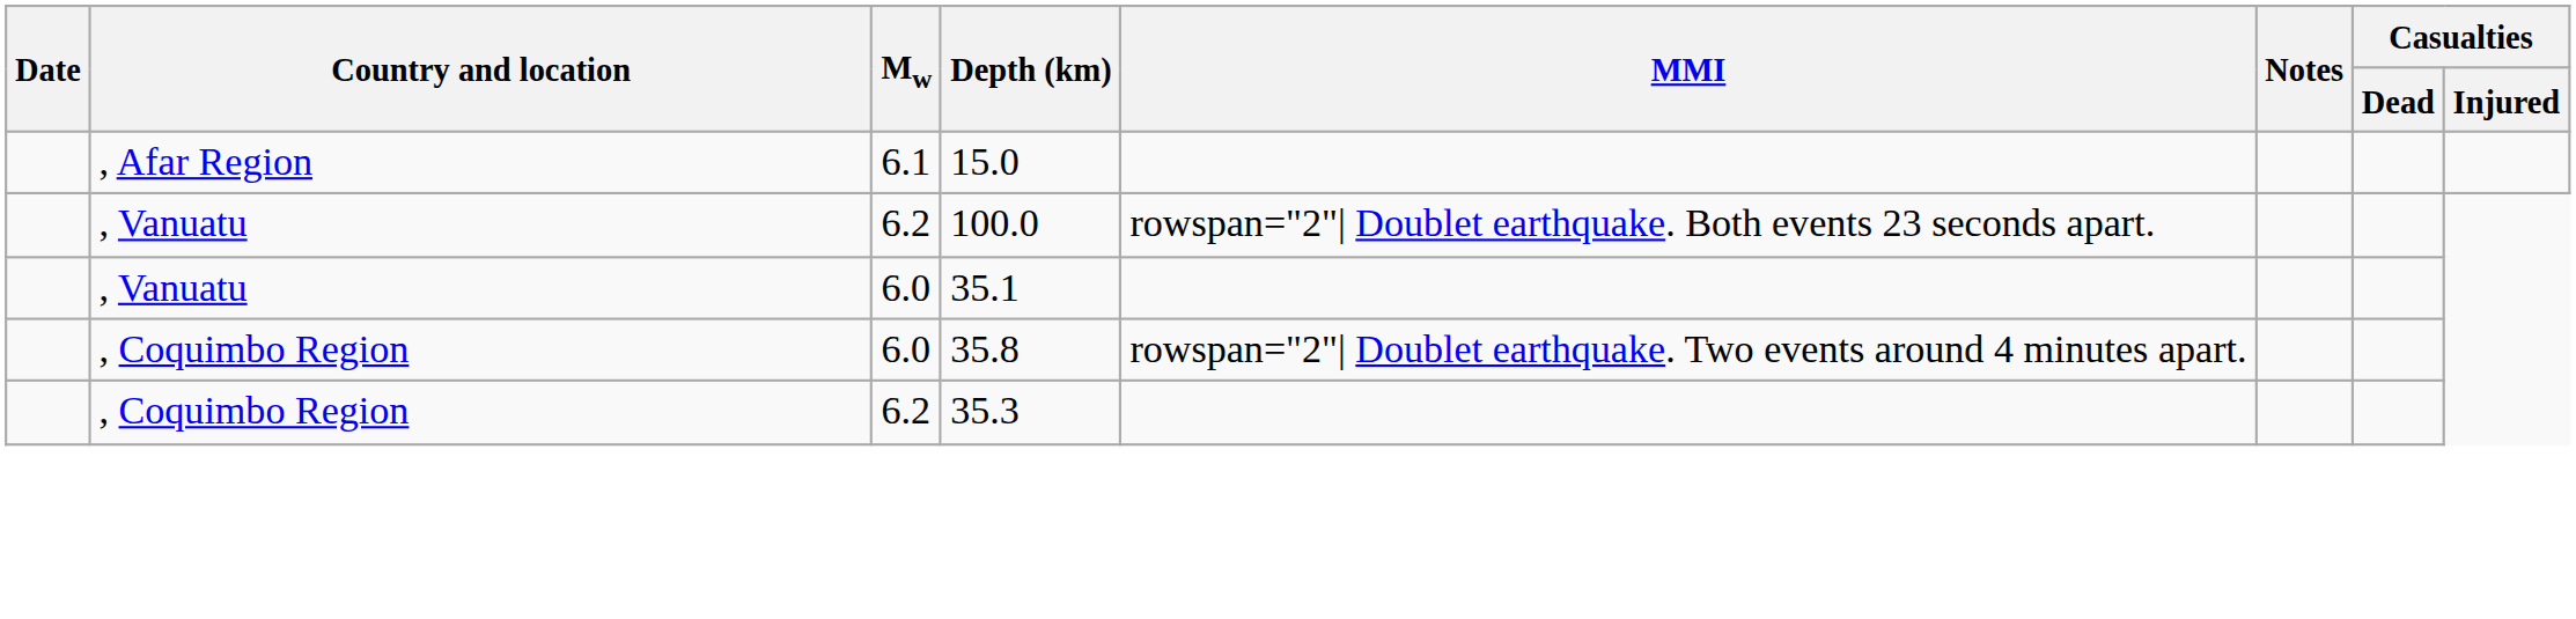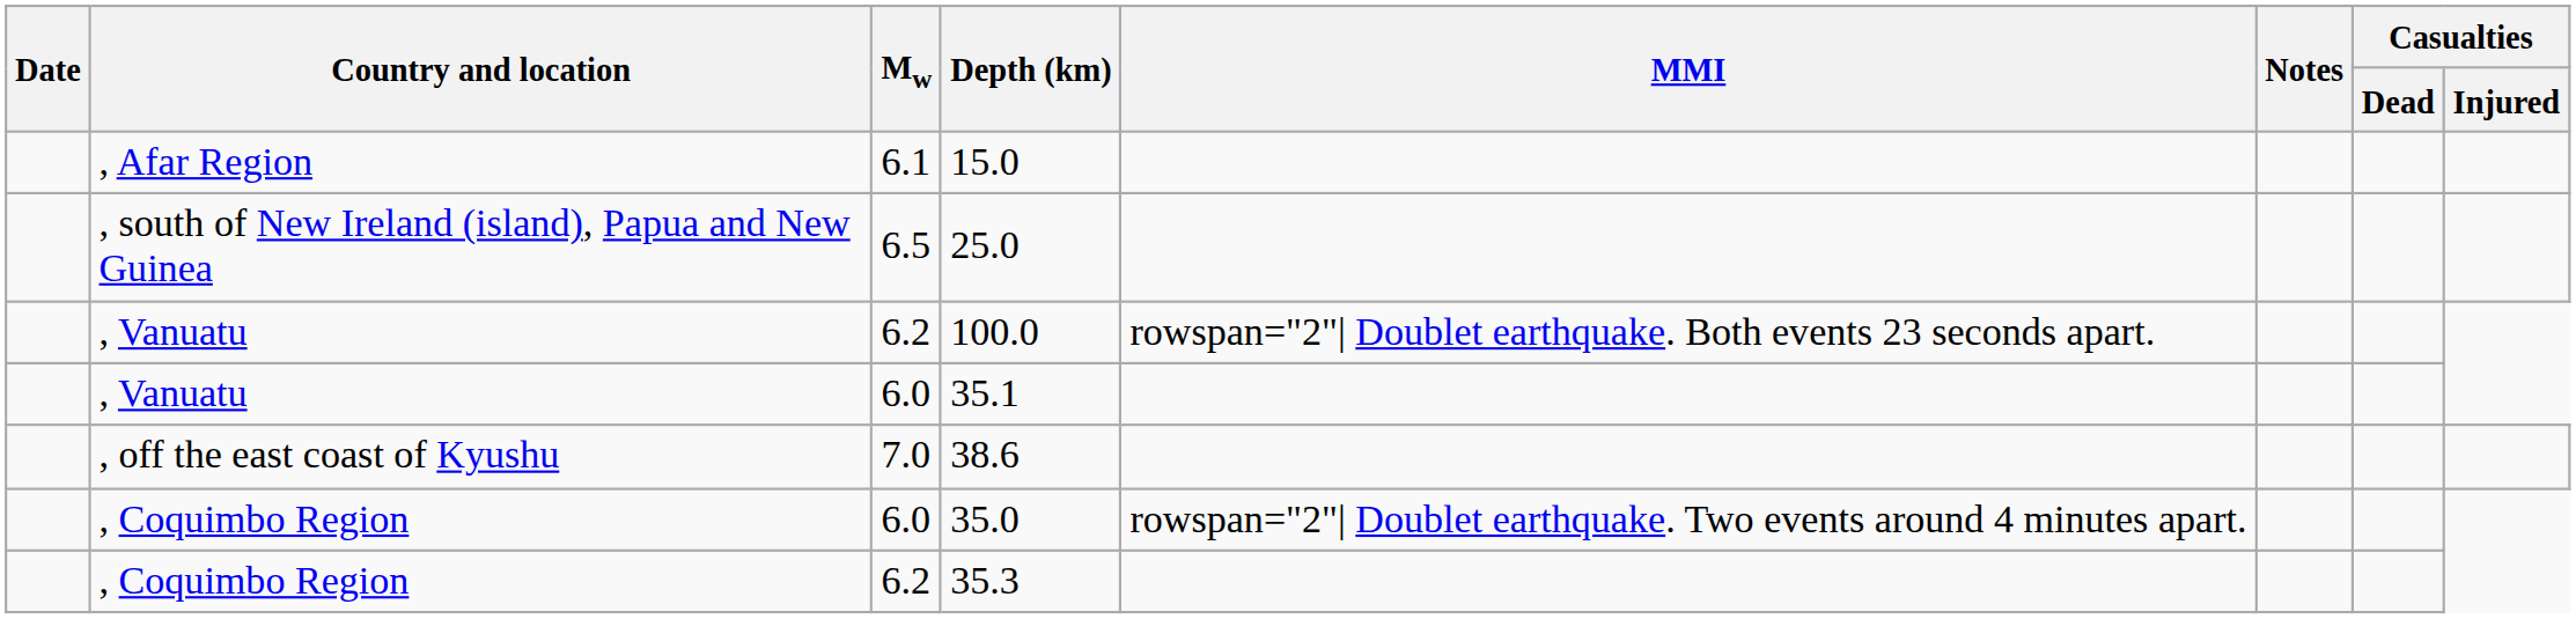 <table class="wikitable sortable sort-under" style="border:1px black; margin-left:1em;">
 <tr>
 <th rowspan="2"><small>Date</small></th>
 <th rowspan="2" style="width: 310px"><small>Country and location</small></th>
 <th rowspan="2"><small>M<sub>w</sub></small></th>
 <th rowspan="2"><small>Depth (km)</small></th>
 <th rowspan="2"><small><a href='#'>MMI</a></small></th>
 <th rowspan="2" class="unsortable"><small>Notes</small></th>
 <th colspan="2"><small>Casualties</small></th>
 </tr>
 <tr>
 <th><small>Dead</small></th>
 <th><small>Injured</small></th>
 </tr>
 <tr>
 <td></td>
 <td>, <a href='#'>Afar Region</a></td>
 <td>6.1</td>
 <td>15.0</td>
 <td></td>
 <td></td>
 <td></td>
 <td></td>
 </tr>
 <tr>
 <td></td>
+<td>, south of <a href='#'>New Ireland (island)</a>, <a href='#'>Papua and New Guinea</a></td>
+<td>6.5</td>
+<td>25.0</td>
+<td></td>
+<td></td>
+<td></td>
+<td></td>
+</tr>
+<tr>
+<td></td>
 <td>, <a href='#'>Vanuatu</a></td>
 <td>6.2</td>
 <td>100.0</td>
 <td>rowspan="2"| <a href='#'>Doublet earthquake</a>. Both events 23 seconds apart.</td>
 <td></td>
 <td></td>
 </tr>
 <tr>
 <td></td>
 <td>, <a href='#'>Vanuatu</a></td>
 <td>6.0</td>
 <td>35.1</td>
 <td></td>
 <td></td>
 <td></td>
 </tr>
 <tr>
 <td></td>
+<td>, off the east coast of <a href='#'>Kyushu</a></td>
+<td>7.0</td>
+<td>38.6</td>
+<td></td>
+<td></td>
+<td></td>
+<td></td>
+</tr>
+<tr>
+<td></td>
 <td>, <a href='#'>Coquimbo Region</a></td>
 <td>6.0</td>
-<td>35.8</td>
+<td>35.0</td>
 <td>rowspan="2"| <a href='#'>Doublet earthquake</a>. Two events around 4 minutes apart.</td>
 <td></td>
 <td></td>
 </tr>
 <tr>
 <td></td>
 <td>, <a href='#'>Coquimbo Region</a></td>
 <td>6.2</td>
 <td>35.3</td>
 <td></td>
 <td></td>
 <td></td>
 </tr>
 </table>
